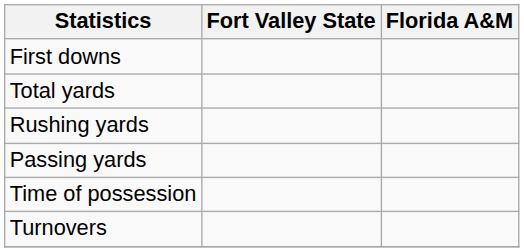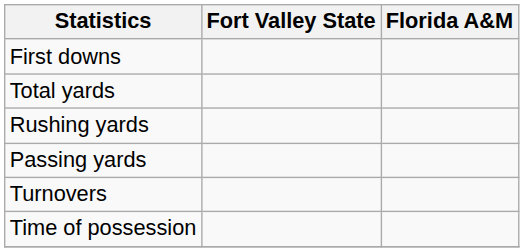 <table class="wikitable">
 <tr>
 <th>Statistics</th>
 <th>Fort Valley State</th>
 <th>Florida A&M</th>
 </tr>
 <tr>
 <td>First downs</td>
 <td> </td>
 <td> </td>
 </tr>
 <tr>
 <td>Total yards</td>
 <td> </td>
 <td> </td>
 </tr>
 <tr>
 <td>Rushing yards</td>
 <td> </td>
 <td> </td>
 </tr>
 <tr>
 <td>Passing yards</td>
 <td> </td>
 <td> </td>
 </tr>
 <tr>
-<td>Time of possession</td>
+<td>Turnovers</td>
 <td> </td>
 <td> </td>
 </tr>
 <tr>
-<td>Turnovers</td>
+<td>Time of possession</td>
 <td> </td>
 <td> </td>
 </tr>
 <tr>
 </tr>
 </table>
